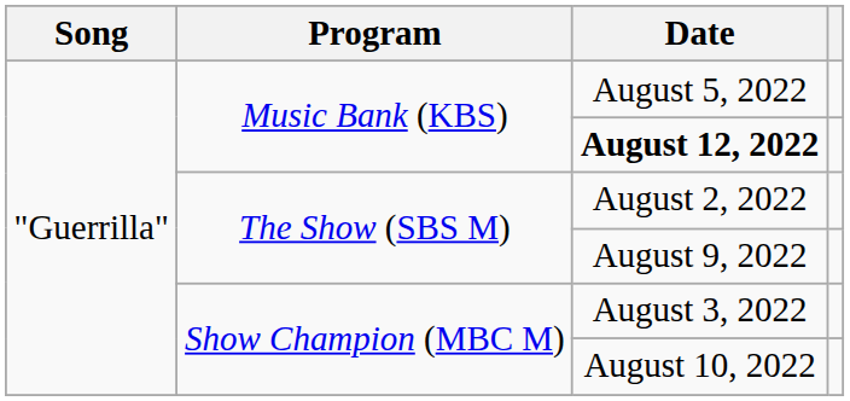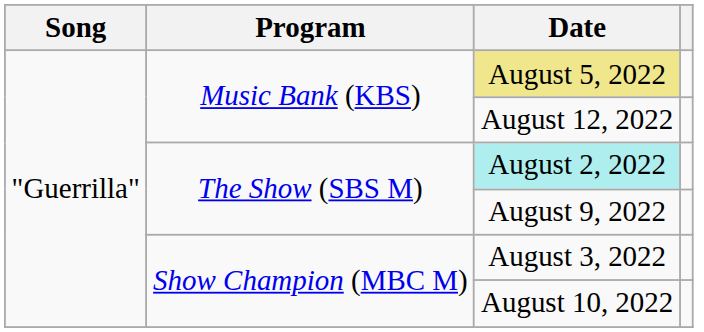 <table class="wikitable sortable" style="text-align:center">
 <tr>
 <th scope="col">Song</th>
 <th scope="col">Program </th>
 <th scope="col">Date</th>
 <th scope="col" class="unsortable"></th>
 </tr>
 <tr>
 <td rowspan="6">"Guerrilla"</td>
 <td rowspan="2"><em><a href='#'>Music Bank</a></em> (<a href='#'>KBS</a>)</td>
-<td>August 5, 2022</td>
+<td style="background: khaki;">August 5, 2022</td>
 <td></td>
 </tr>
 <tr>
-<td><strong>August 12, 2022</strong></td>
+<td>August 12, 2022</td>
 <td></td>
 </tr>
 <tr>
 <td rowspan="2"><em><a href='#'>The Show</a></em> (<a href='#'>SBS M</a>)</td>
-<td>August 2, 2022</td>
+<td style="background: paleturquoise;">August 2, 2022</td>
 <td></td>
 </tr>
 <tr>
 <td>August 9, 2022</td>
 <td></td>
 </tr>
 <tr>
 <td rowspan="2"><em><a href='#'>Show Champion</a></em> (<a href='#'>MBC M</a>)</td>
 <td>August 3, 2022</td>
 <td></td>
 </tr>
 <tr>
 <td>August 10, 2022</td>
 <td></td>
 </tr>
 </table>
